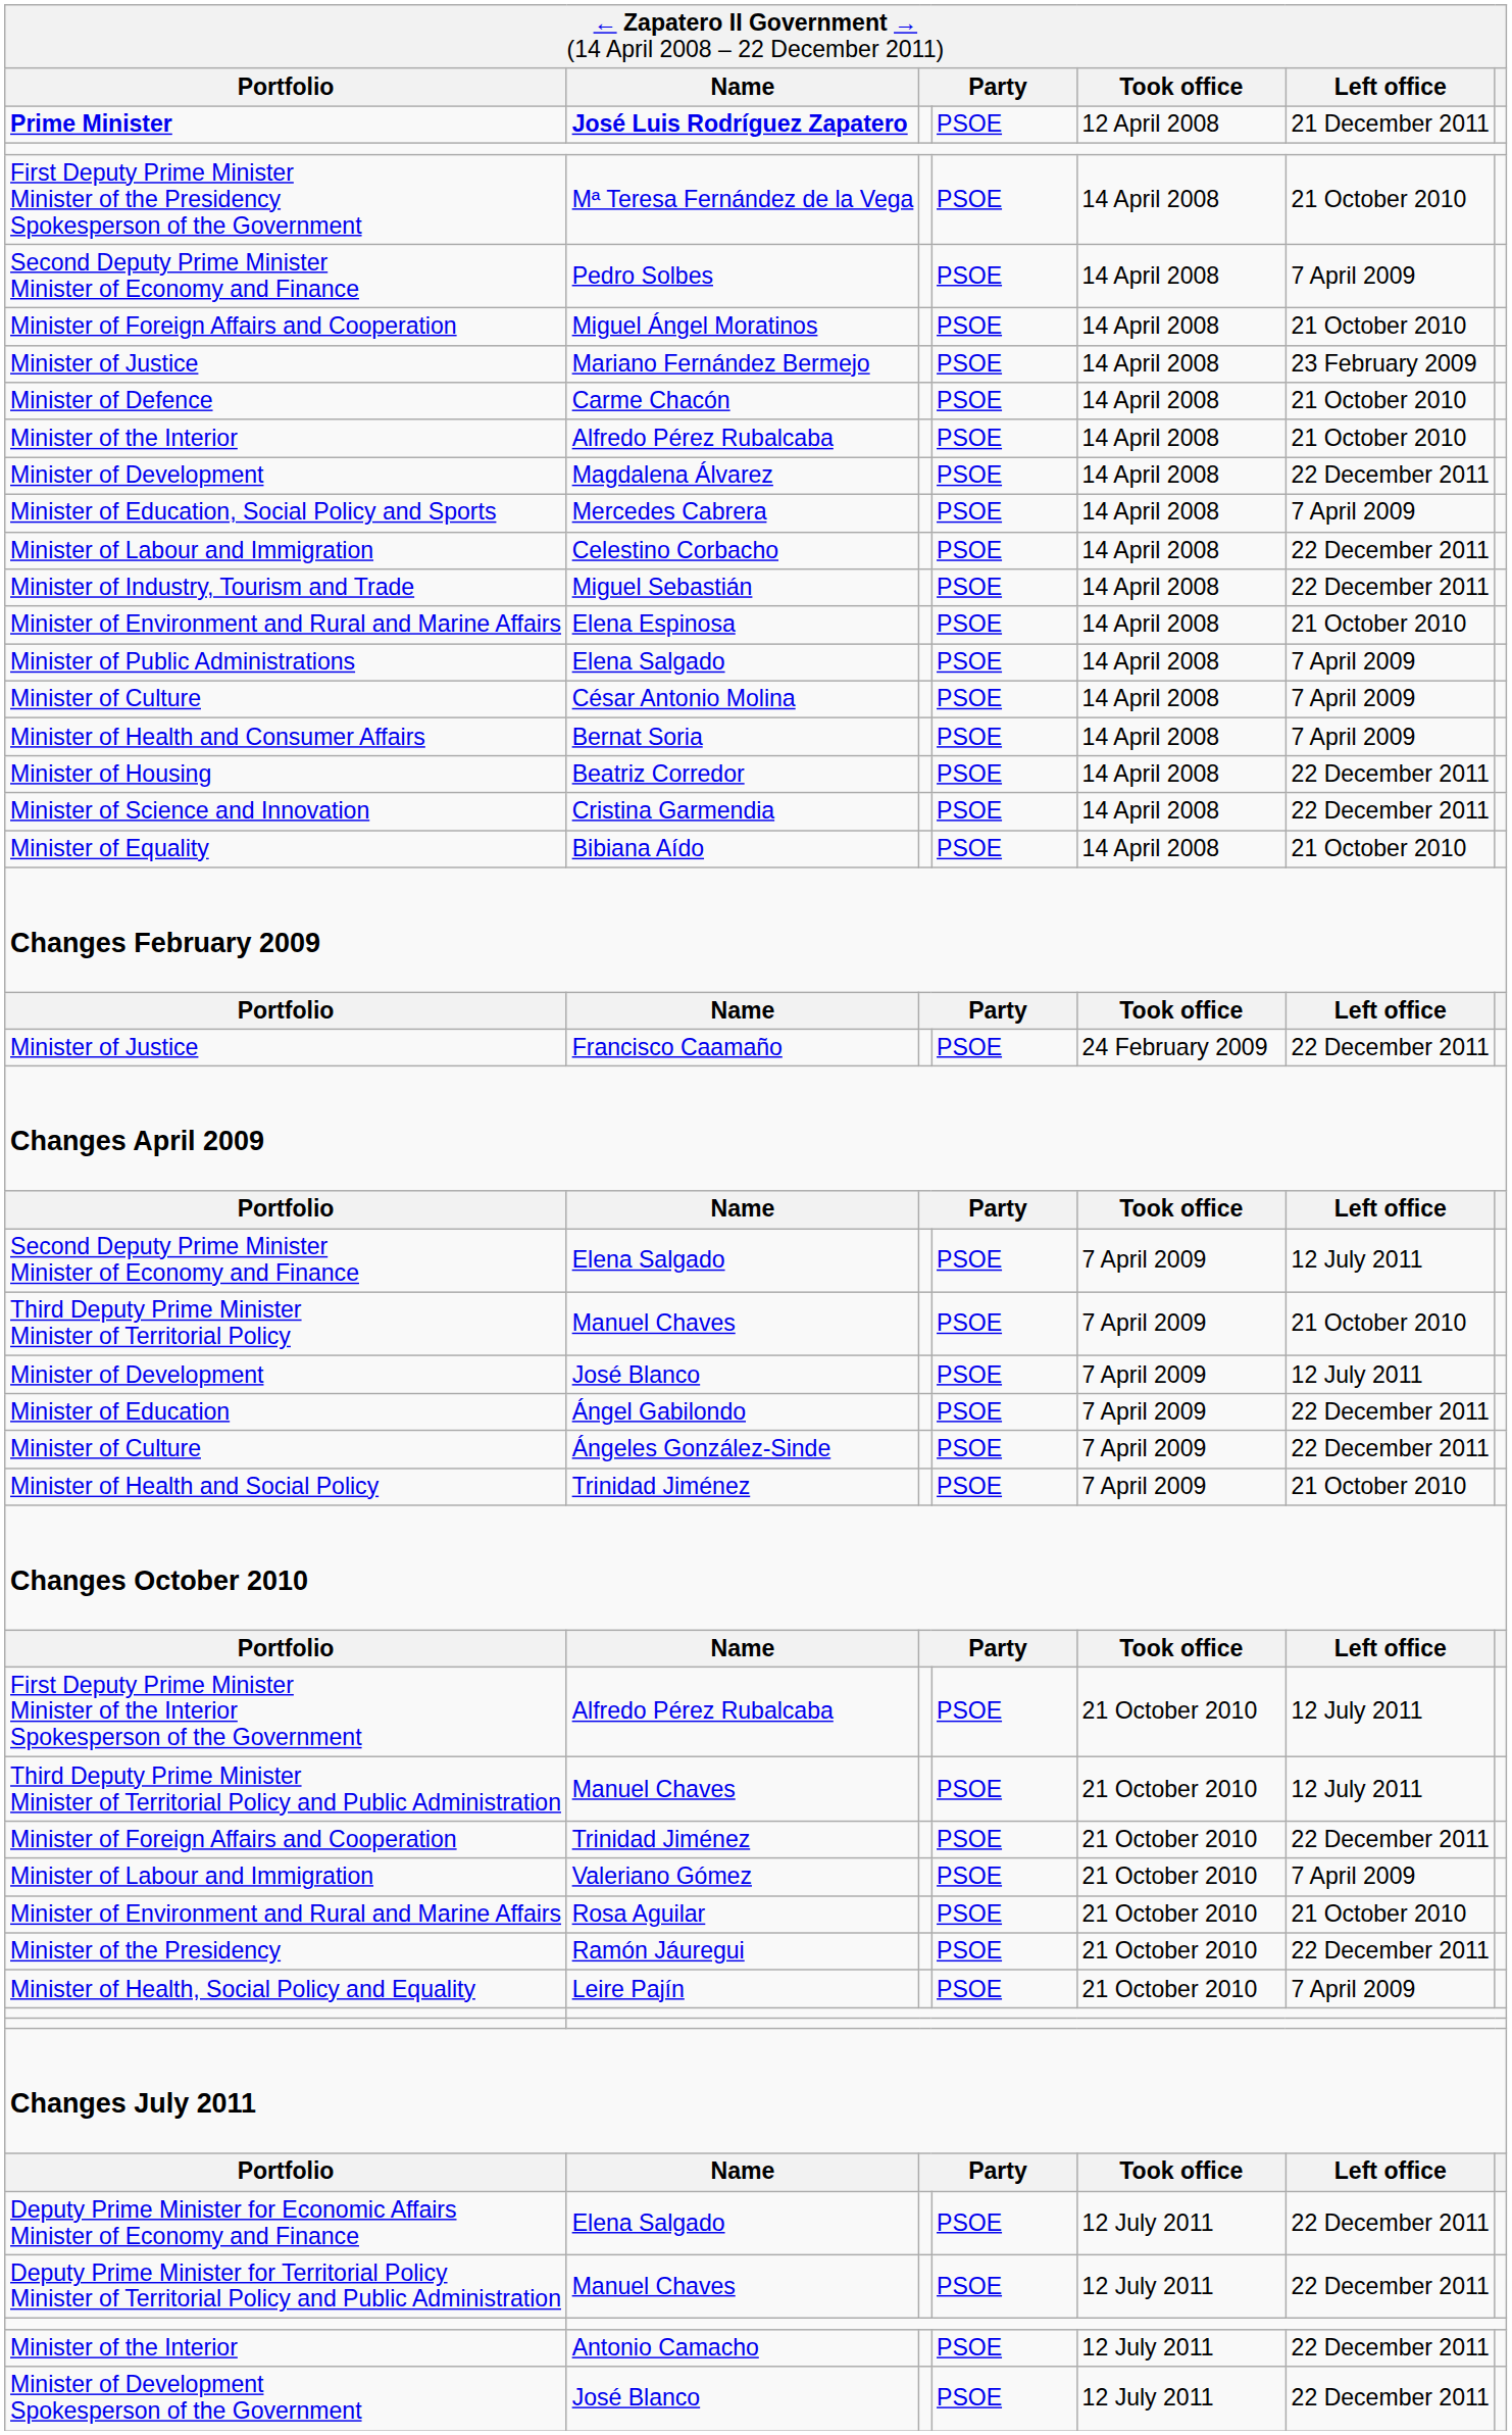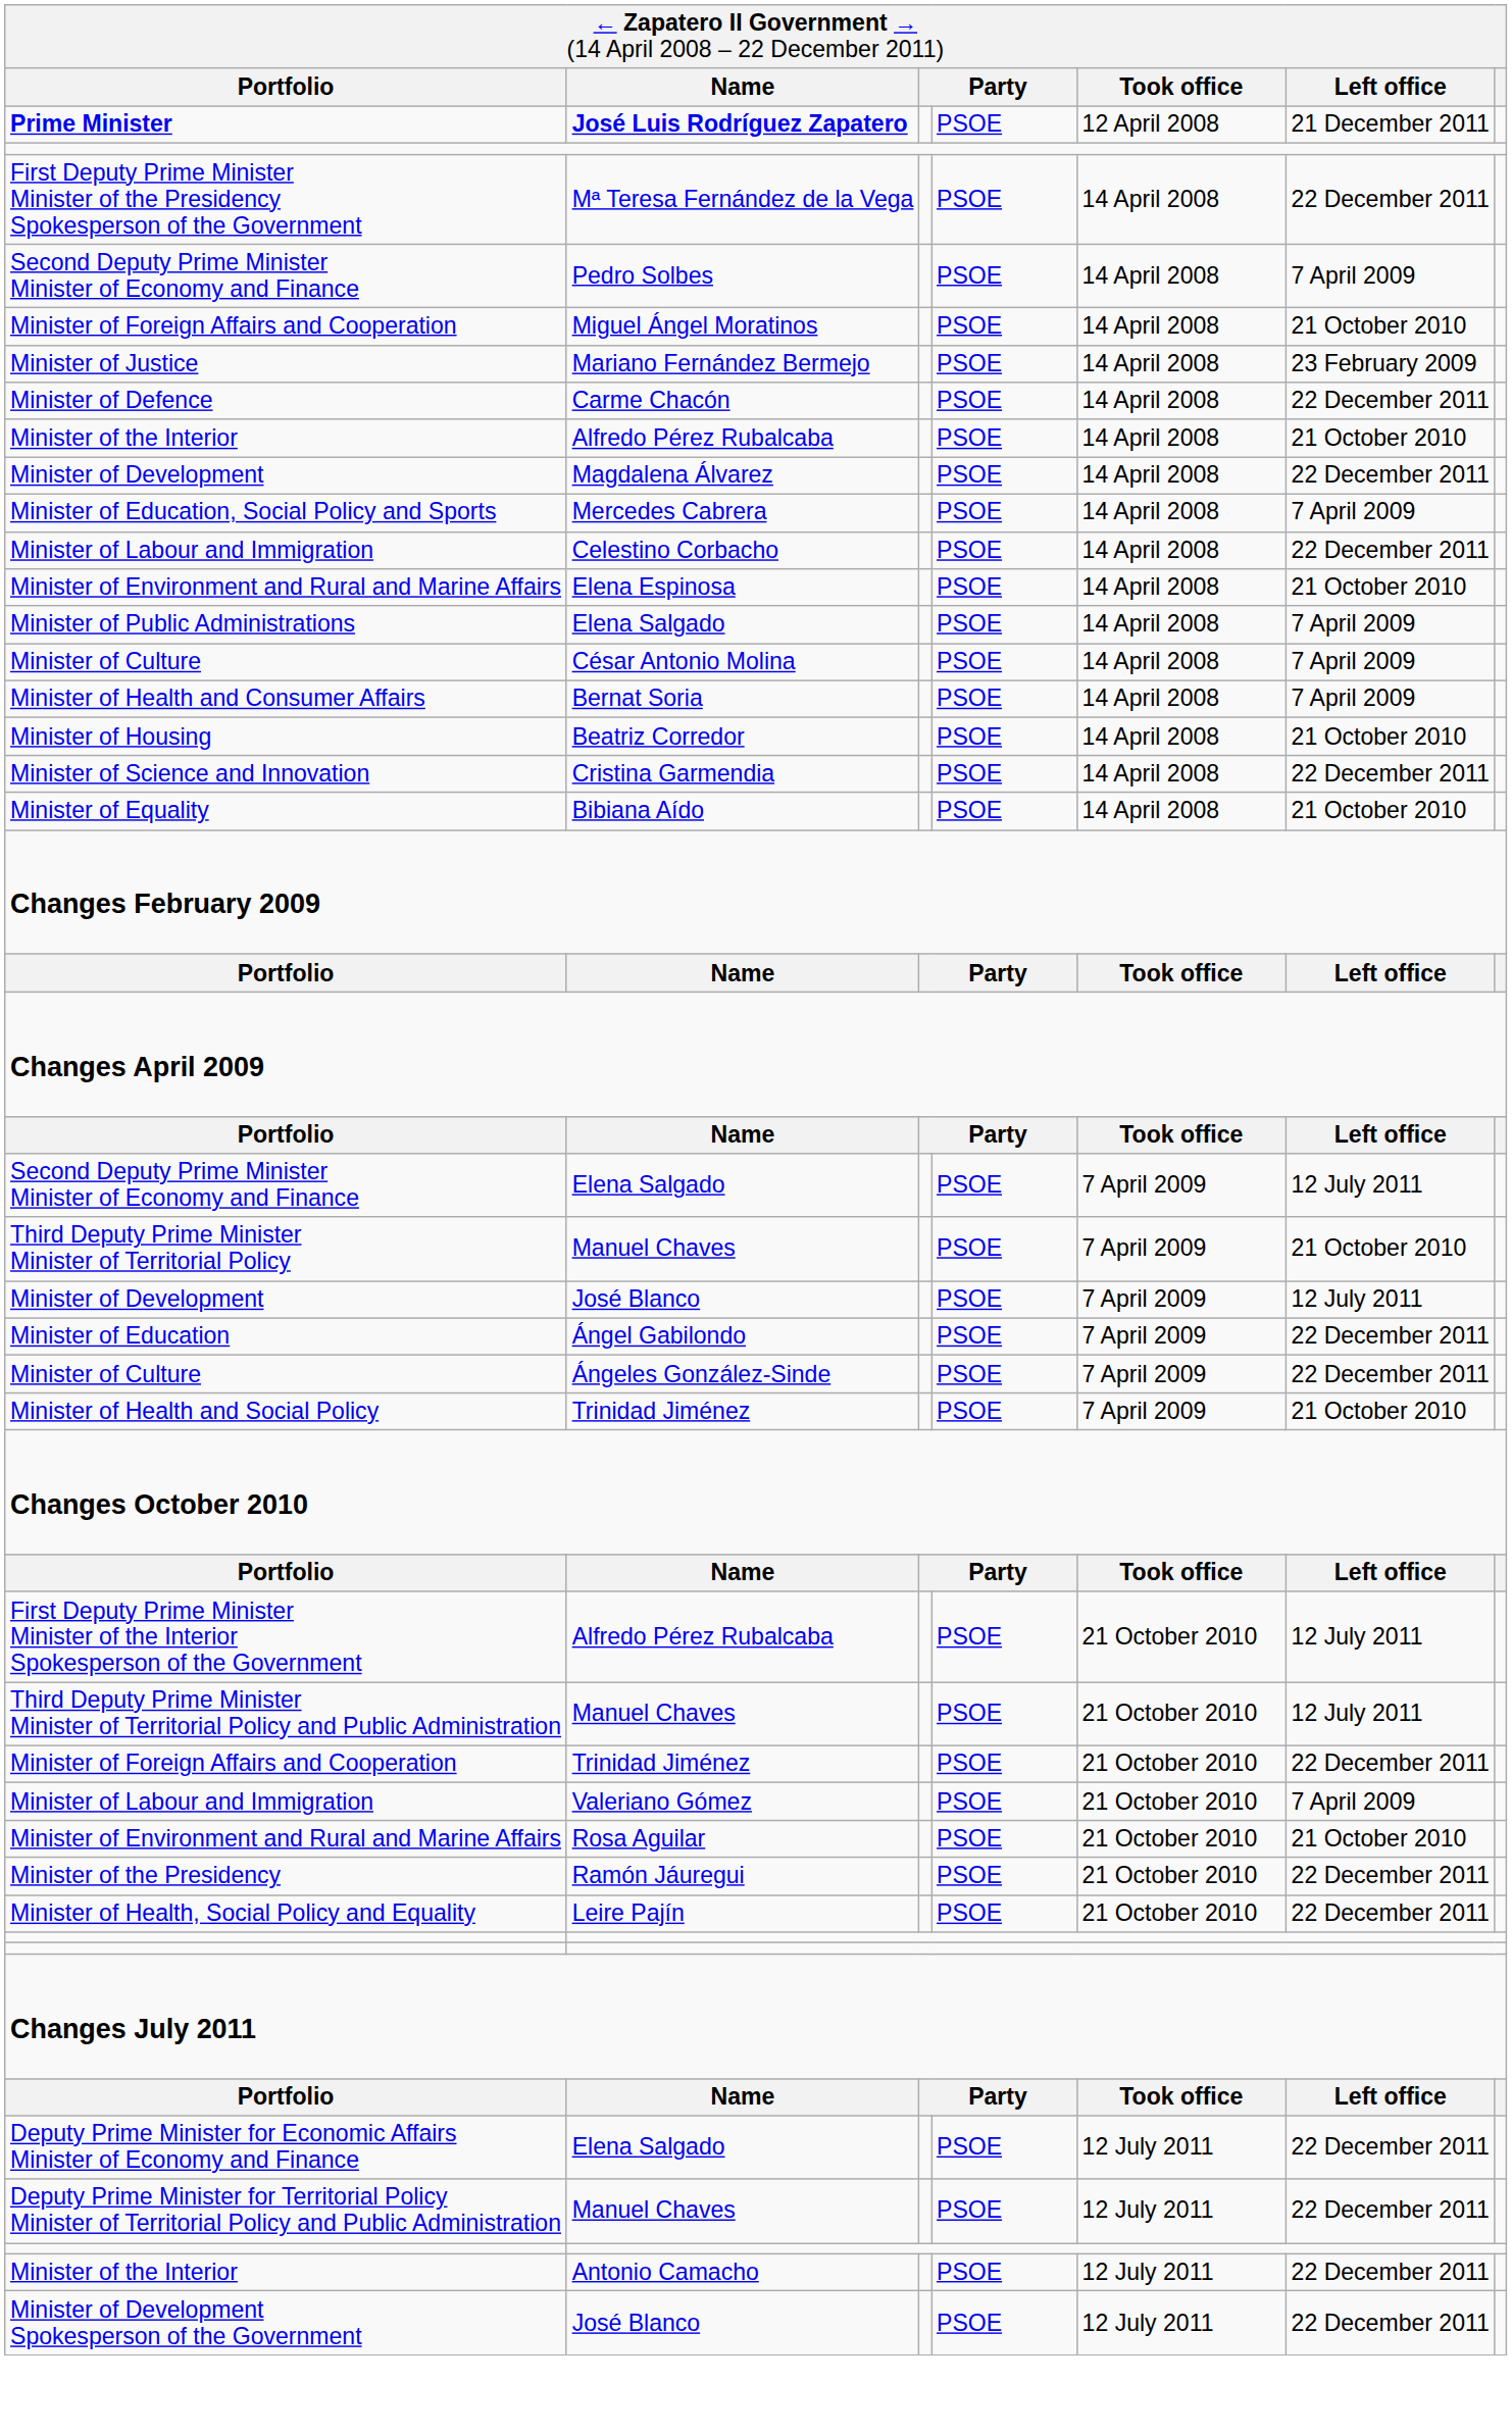 <table class="wikitable">
 <tr>
 <td colspan="7" bgcolor="#F2F2F2" align="center"><a href='#'>←</a> <strong>Zapatero II Government</strong> <a href='#'>→</a><br>(14 April 2008 – 22 December 2011)</td>
 </tr>
 <tr>
 <th>Portfolio</th>
 <th>Name</th>
 <th width="100px" colspan="2">Party</th>
 <th width="135px">Took office</th>
 <th width="135px">Left office</th>
 <th></th>
 </tr>
 <tr>
 <td><strong><a href='#'>Prime Minister</a></strong></td>
 <td><strong><a href='#'>José Luis Rodríguez Zapatero</a></strong></td>
 <td width="1" style="background-color:"></td>
 <td><a href='#'>PSOE</a></td>
 <td>12 April 2008</td>
 <td>21 December 2011</td>
 <td align="center"></td>
 </tr>
 <tr>
 <td colspan="7"></td>
 </tr>
 <tr>
 <td><a href='#'>First Deputy Prime Minister</a><br><a href='#'>Minister of the Presidency</a><br><a href='#'>Spokesperson of the Government</a></td>
 <td><a href='#'>Mª Teresa Fernández de la Vega</a></td>
 <td style="background-color:"></td>
 <td><a href='#'>PSOE</a> </td>
 <td>14 April 2008</td>
-<td>21 October 2010</td>
+<td>22 December 2011</td>
 <td align="center"><br><br></td>
 </tr>
 <tr>
 <td><a href='#'>Second Deputy Prime Minister</a><br><a href='#'>Minister of Economy and Finance</a></td>
 <td><a href='#'>Pedro Solbes</a></td>
 <td style="background-color:"></td>
 <td><a href='#'>PSOE</a> </td>
 <td>14 April 2008</td>
 <td>7 April 2009</td>
 <td align="center"><br></td>
 </tr>
 <tr>
 <td><a href='#'>Minister of Foreign Affairs and Cooperation</a></td>
 <td><a href='#'>Miguel Ángel Moratinos</a></td>
 <td style="background-color:"></td>
 <td><a href='#'>PSOE</a></td>
 <td>14 April 2008</td>
 <td>21 October 2010</td>
 <td align="center"></td>
 </tr>
 <tr>
 <td><a href='#'>Minister of Justice</a></td>
 <td><a href='#'>Mariano Fernández Bermejo</a></td>
 <td style="background-color:"></td>
 <td><a href='#'>PSOE</a> </td>
 <td>14 April 2008</td>
 <td>23 February 2009</td>
 <td align="center"></td>
 </tr>
 <tr>
 <td><a href='#'>Minister of Defence</a></td>
 <td><a href='#'>Carme Chacón</a></td>
 <td style="background-color:"></td>
 <td><a href='#'>PSOE</a> </td>
 <td>14 April 2008</td>
-<td>21 October 2010</td>
+<td>22 December 2011</td>
 <td align="center"></td>
 </tr>
 <tr>
 <td><a href='#'>Minister of the Interior</a></td>
 <td><a href='#'>Alfredo Pérez Rubalcaba</a></td>
 <td style="background-color:"></td>
 <td><a href='#'>PSOE</a></td>
 <td>14 April 2008</td>
 <td>21 October 2010</td>
 <td align="center"></td>
 </tr>
 <tr>
 <td><a href='#'>Minister of Development</a></td>
 <td><a href='#'>Magdalena Álvarez</a></td>
 <td style="background-color:"></td>
 <td><a href='#'>PSOE</a></td>
 <td>14 April 2008</td>
 <td>22 December 2011</td>
 <td align="center"></td>
 </tr>
 <tr>
 <td><a href='#'>Minister of Education, Social Policy and Sports</a></td>
 <td><a href='#'>Mercedes Cabrera</a></td>
 <td style="background-color:"></td>
 <td><a href='#'>PSOE</a> </td>
 <td>14 April 2008</td>
 <td>7 April 2009</td>
 <td align="center"></td>
 </tr>
 <tr>
 <td><a href='#'>Minister of Labour and Immigration</a></td>
 <td><a href='#'>Celestino Corbacho</a></td>
-<td style="background-color:"></td>
-<td><a href='#'>PSOE</a> </td>
-<td>14 April 2008</td>
-<td>22 December 2011</td>
-<td align="center"></td>
-</tr>
-<tr>
-<td><a href='#'>Minister of Industry, Tourism and Trade</a></td>
-<td><a href='#'>Miguel Sebastián</a></td>
 <td style="background-color:"></td>
 <td><a href='#'>PSOE</a> </td>
 <td>14 April 2008</td>
 <td>22 December 2011</td>
 <td align="center"></td>
 </tr>
 <tr>
 <td><a href='#'>Minister of Environment and Rural and Marine Affairs</a></td>
 <td><a href='#'>Elena Espinosa</a></td>
 <td style="background-color:"></td>
 <td><a href='#'>PSOE</a></td>
 <td>14 April 2008</td>
 <td>21 October 2010</td>
 <td align="center"></td>
 </tr>
 <tr>
 <td><a href='#'>Minister of Public Administrations</a></td>
 <td><a href='#'>Elena Salgado</a></td>
 <td style="background-color:"></td>
 <td><a href='#'>PSOE</a> </td>
 <td>14 April 2008</td>
 <td>7 April 2009</td>
 <td align="center"></td>
 </tr>
 <tr>
 <td><a href='#'>Minister of Culture</a></td>
 <td><a href='#'>César Antonio Molina</a></td>
 <td style="background-color:"></td>
 <td><a href='#'>PSOE</a> </td>
 <td>14 April 2008</td>
 <td>7 April 2009</td>
 <td align="center"></td>
 </tr>
 <tr>
 <td><a href='#'>Minister of Health and Consumer Affairs</a></td>
 <td><a href='#'>Bernat Soria</a></td>
 <td style="background-color:"></td>
 <td><a href='#'>PSOE</a> </td>
 <td>14 April 2008</td>
 <td>7 April 2009</td>
 <td align="center"></td>
 </tr>
 <tr>
 <td><a href='#'>Minister of Housing</a></td>
 <td><a href='#'>Beatriz Corredor</a></td>
 <td style="background-color:"></td>
 <td><a href='#'>PSOE</a></td>
 <td>14 April 2008</td>
-<td>22 December 2011</td>
+<td>21 October 2010</td>
 <td align="center"></td>
 </tr>
 <tr>
 <td><a href='#'>Minister of Science and Innovation</a></td>
 <td><a href='#'>Cristina Garmendia</a></td>
 <td style="background-color:"></td>
 <td><a href='#'>PSOE</a> </td>
 <td>14 April 2008</td>
 <td>22 December 2011</td>
 <td align="center"></td>
 </tr>
 <tr>
 <td><a href='#'>Minister of Equality</a></td>
 <td><a href='#'>Bibiana Aído</a></td>
 <td style="background-color:"></td>
 <td><a href='#'>PSOE</a></td>
 <td>14 April 2008</td>
 <td>21 October 2010</td>
 <td align="center"></td>
 </tr>
 <tr>
 <td colspan="7"><br><h3>Changes February 2009</h3></td>
 </tr>
 <tr>
 <th>Portfolio</th>
 <th>Name</th>
 <th colspan="2">Party</th>
 <th>Took office</th>
 <th>Left office</th>
 <th></th>
-</tr>
-<tr>
-<td><a href='#'>Minister of Justice</a></td>
-<td><a href='#'>Francisco Caamaño</a></td>
-<td style="background-color:"></td>
-<td><a href='#'>PSOE</a></td>
-<td>24 February 2009</td>
-<td>22 December 2011</td>
-<td align="center"></td>
 </tr>
 <tr>
 <td colspan="7"><br><h3>Changes April 2009</h3></td>
 </tr>
 <tr>
 <th>Portfolio</th>
 <th>Name</th>
 <th colspan="2">Party</th>
 <th>Took office</th>
 <th>Left office</th>
 <th></th>
 </tr>
 <tr>
 <td><a href='#'>Second Deputy Prime Minister</a><br><a href='#'>Minister of Economy and Finance</a></td>
 <td><a href='#'>Elena Salgado</a></td>
 <td style="background-color:"></td>
 <td><a href='#'>PSOE</a> </td>
 <td>7 April 2009</td>
 <td>12 July 2011</td>
 <td align="center"><br></td>
 </tr>
 <tr>
 <td><a href='#'>Third Deputy Prime Minister</a><br><a href='#'>Minister of Territorial Policy</a></td>
 <td><a href='#'>Manuel Chaves</a></td>
 <td style="background-color:"></td>
 <td><a href='#'>PSOE</a></td>
 <td>7 April 2009</td>
 <td>21 October 2010</td>
 <td align="center"><br></td>
 </tr>
 <tr>
 <td><a href='#'>Minister of Development</a></td>
 <td><a href='#'>José Blanco</a></td>
 <td style="background-color:"></td>
 <td><a href='#'>PSOE</a></td>
 <td>7 April 2009</td>
 <td>12 July 2011</td>
 <td align="center"></td>
 </tr>
 <tr>
 <td><a href='#'>Minister of Education</a></td>
 <td><a href='#'>Ángel Gabilondo</a></td>
 <td style="background-color:"></td>
 <td><a href='#'>PSOE</a> </td>
 <td>7 April 2009</td>
 <td>22 December 2011</td>
 <td align="center"></td>
 </tr>
 <tr>
 <td><a href='#'>Minister of Culture</a></td>
 <td><a href='#'>Ángeles González-Sinde</a></td>
 <td style="background-color:"></td>
 <td><a href='#'>PSOE</a> </td>
 <td>7 April 2009</td>
 <td>22 December 2011</td>
 <td align="center"></td>
 </tr>
 <tr>
 <td><a href='#'>Minister of Health and Social Policy</a></td>
 <td><a href='#'>Trinidad Jiménez</a></td>
 <td style="background-color:"></td>
 <td><a href='#'>PSOE</a></td>
 <td>7 April 2009</td>
 <td>21 October 2010</td>
 <td align="center"></td>
 </tr>
 <tr>
 <td colspan="7"><br><h3>Changes October 2010</h3></td>
 </tr>
 <tr>
 <th>Portfolio</th>
 <th>Name</th>
 <th colspan="2">Party</th>
 <th>Took office</th>
 <th>Left office</th>
 <th></th>
 </tr>
 <tr>
 <td><a href='#'>First Deputy Prime Minister</a><br><a href='#'>Minister of the Interior</a><br><a href='#'>Spokesperson of the Government</a></td>
 <td><a href='#'>Alfredo Pérez Rubalcaba</a></td>
 <td style="background-color:"></td>
 <td><a href='#'>PSOE</a></td>
 <td>21 October 2010</td>
 <td>12 July 2011</td>
 <td align="center"><br></td>
 </tr>
 <tr>
 <td><a href='#'>Third Deputy Prime Minister</a><br><a href='#'>Minister of Territorial Policy and Public Administration</a></td>
 <td><a href='#'>Manuel Chaves</a></td>
 <td style="background-color:"></td>
 <td><a href='#'>PSOE</a></td>
 <td>21 October 2010</td>
 <td>12 July 2011</td>
 <td align="center"></td>
 </tr>
 <tr>
 <td><a href='#'>Minister of Foreign Affairs and Cooperation</a></td>
 <td><a href='#'>Trinidad Jiménez</a></td>
 <td style="background-color:"></td>
 <td><a href='#'>PSOE</a></td>
 <td>21 October 2010</td>
 <td>22 December 2011</td>
 <td align="center"></td>
 </tr>
 <tr>
 <td><a href='#'>Minister of Labour and Immigration</a></td>
 <td><a href='#'>Valeriano Gómez</a></td>
 <td style="background-color:"></td>
 <td><a href='#'>PSOE</a></td>
 <td>21 October 2010</td>
 <td>7 April 2009</td>
 <td align="center"></td>
 </tr>
 <tr>
 <td><a href='#'>Minister of Environment and Rural and Marine Affairs</a></td>
 <td><a href='#'>Rosa Aguilar</a></td>
 <td style="background-color:"></td>
 <td><a href='#'>PSOE</a> </td>
 <td>21 October 2010</td>
 <td>21 October 2010</td>
 <td align="center"></td>
 </tr>
 <tr>
 <td><a href='#'>Minister of the Presidency</a></td>
 <td><a href='#'>Ramón Jáuregui</a></td>
 <td style="background-color:"></td>
 <td><a href='#'>PSOE</a></td>
 <td>21 October 2010</td>
 <td>22 December 2011</td>
 <td align="center"></td>
 </tr>
 <tr>
 <td><a href='#'>Minister of Health, Social Policy and Equality</a></td>
 <td><a href='#'>Leire Pajín</a></td>
 <td style="background-color:"></td>
 <td><a href='#'>PSOE</a></td>
 <td>21 October 2010</td>
-<td>7 April 2009</td>
+<td>22 December 2011</td>
 <td align="center"></td>
 </tr>
 <tr>
 <td></td>
 <td colspan="6"></td>
 </tr>
 <tr>
 <td></td>
 <td colspan="6"></td>
 </tr>
 <tr>
 <td colspan="7"><br><h3>Changes July 2011</h3></td>
 </tr>
 <tr>
 <th>Portfolio</th>
 <th>Name</th>
 <th colspan="2">Party</th>
 <th>Took office</th>
 <th>Left office</th>
 <th></th>
 </tr>
 <tr>
 <td><a href='#'>Deputy Prime Minister for Economic Affairs</a><br><a href='#'>Minister of Economy and Finance</a></td>
 <td><a href='#'>Elena Salgado</a></td>
 <td style="background-color:"></td>
 <td><a href='#'>PSOE</a> </td>
 <td>12 July 2011</td>
 <td>22 December 2011</td>
 <td align="center"></td>
 </tr>
 <tr>
 <td><a href='#'>Deputy Prime Minister for Territorial Policy</a><br><a href='#'>Minister of Territorial Policy and Public Administration</a></td>
 <td><a href='#'>Manuel Chaves</a></td>
 <td style="background-color:"></td>
 <td><a href='#'>PSOE</a></td>
 <td>12 July 2011</td>
 <td>22 December 2011</td>
 <td align="center"></td>
 </tr>
 <tr>
 <td></td>
 <td colspan="6"></td>
 </tr>
 <tr>
 <td><a href='#'>Minister of the Interior</a></td>
 <td><a href='#'>Antonio Camacho</a></td>
 <td style="background-color:"></td>
 <td><a href='#'>PSOE</a> </td>
 <td>12 July 2011</td>
 <td>22 December 2011</td>
 <td align="center"></td>
 </tr>
 <tr>
 <td><a href='#'>Minister of Development</a><br><a href='#'>Spokesperson of the Government</a></td>
 <td><a href='#'>José Blanco</a></td>
 <td style="background-color:"></td>
 <td><a href='#'>PSOE</a></td>
 <td>12 July 2011</td>
 <td>22 December 2011</td>
 <td align="center"></td>
 </tr>
 </table>
